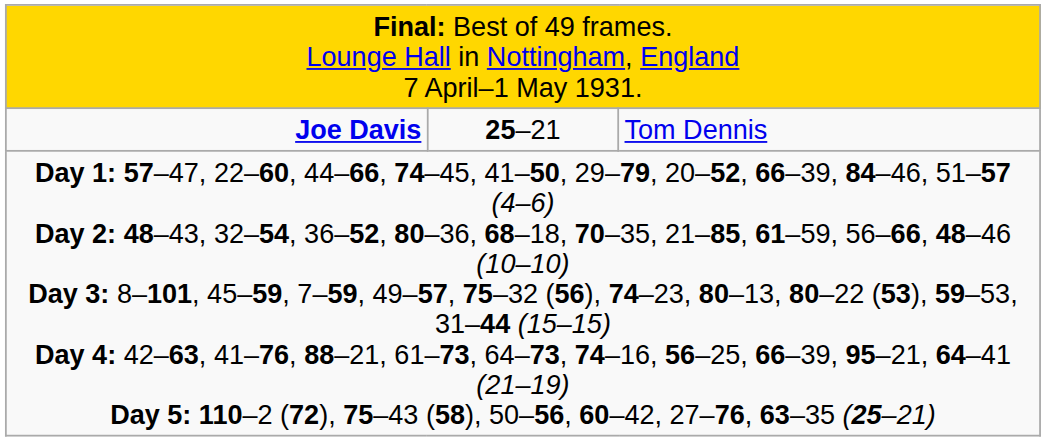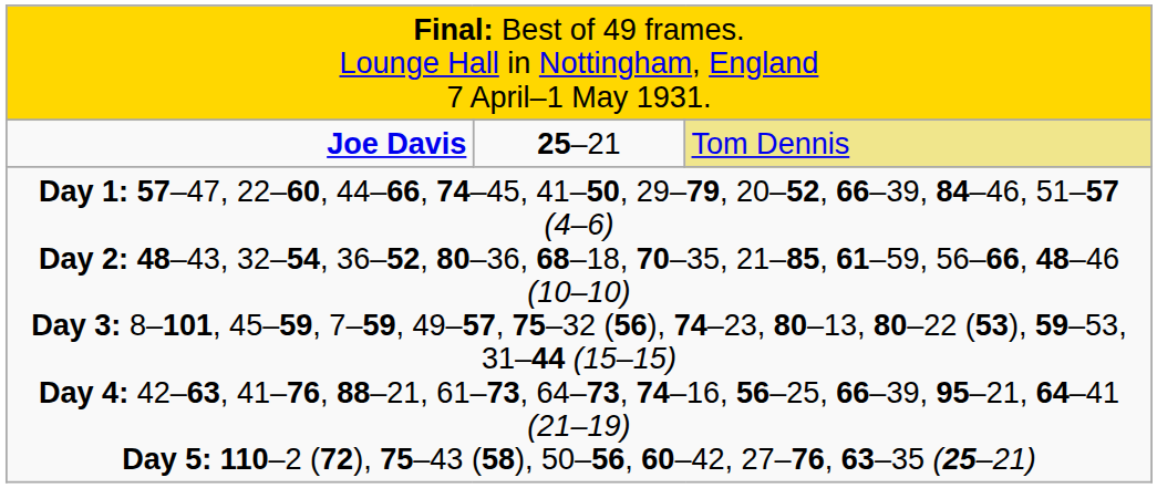 <table class="wikitable" style="font-size: 95%; margin: 1em auto 1em auto;">
 <tr>
 <td colspan="3" align="center" bgcolor="#ffd700"><strong>Final:</strong> Best of 49 frames.<br> <a href='#'>Lounge Hall</a> in <a href='#'>Nottingham</a>, <a href='#'>England</a><br>7 April–1 May 1931.</td>
 </tr>
 <tr>
 <td width="230" align="right"><strong><a href='#'>Joe Davis</a></strong><br></td>
 <td width="100" align="center"><strong>25</strong>–21</td>
-<td width="230"><a href='#'>Tom Dennis</a><br></td>
+<td width="230" style="background: khaki;"><a href='#'>Tom Dennis</a><br></td>
 </tr>
 <tr>
 <td colspan="3" align="center" style="font-size: 100%"><strong>Day 1:</strong> <strong>57</strong>–47, 22–<strong>60</strong>, 44–<strong>66</strong>, <strong>74</strong>–45, 41–<strong>50</strong>, 29–<strong>79</strong>, 20–<strong>52</strong>, <strong>66</strong>–39, <strong>84</strong>–46, 51–<strong>57</strong> <em>(4–6)</em><br><strong>Day 2:</strong> <strong>48</strong>–43, 32–<strong>54</strong>, 36–<strong>52</strong>, <strong>80</strong>–36, <strong>68</strong>–18, <strong>70</strong>–35, 21–<strong>85</strong>, <strong>61</strong>–59, 56–<strong>66</strong>, <strong>48</strong>–46 <em>(10–10)</em><br><strong>Day 3:</strong> 8–<strong>101</strong>, 45–<strong>59</strong>, 7–<strong>59</strong>, 49–<strong>57</strong>, <strong>75</strong>–32 (<strong>56</strong>), <strong>74</strong>–23, <strong>80</strong>–13, <strong>80</strong>–22 (<strong>53</strong>), <strong>59</strong>–53, 31–<strong>44</strong> <em>(15–15)</em><br><strong>Day 4:</strong> 42–<strong>63</strong>, 41–<strong>76</strong>, <strong>88</strong>–21, 61–<strong>73</strong>, 64–<strong>73</strong>, <strong>74</strong>–16, <strong>56</strong>–25, <strong>66</strong>–39, <strong>95</strong>–21, <strong>64</strong>–41 <em>(21–19)</em><br><strong>Day 5:</strong> <strong>110</strong>–2 (<strong>72</strong>), <strong>75</strong>–43 (<strong>58</strong>), 50–<strong>56</strong>, <strong>60</strong>–42, 27–<strong>76</strong>, <strong>63</strong>–35 <em>(<strong>25</strong>–21)</em></td>
 </tr>
 </table>
